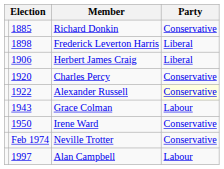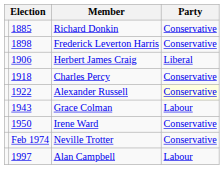 <table class="wikitable">
 <tr>
 <th colspan="2">Election</th>
 <th>Member</th>
 <th>Party</th>
 </tr>
 <tr>
 <td style="color:inherit;background-color: "></td>
 <td><a href='#'>1885</a></td>
 <td><a href='#'>Richard Donkin</a></td>
 <td><a href='#'>Conservative</a></td>
 </tr>
 <tr>
 <td style="color:inherit;background-color: "></td>
 <td><a href='#'>1898</a></td>
 <td><a href='#'>Frederick Leverton Harris</a></td>
-<td><a href='#'>Liberal</a></td>
+<td><a href='#'>Conservative</a></td>
 </tr>
 <tr>
 <td style="color:inherit;background-color: "></td>
 <td><a href='#'>1906</a></td>
 <td><a href='#'>Herbert James Craig</a></td>
 <td><a href='#'>Liberal</a></td>
 </tr>
 <tr>
 <td style="color:inherit;background-color: "></td>
-<td><a href='#'>1920</a></td>
+<td><a href='#'>1918</a></td>
 <td><a href='#'>Charles Percy</a></td>
 <td><a href='#'>Conservative</a></td>
 </tr>
 <tr>
 <td style="color:inherit;background-color: "></td>
 <td><a href='#'>1922</a></td>
 <td><a href='#'>Alexander Russell</a></td>
 <td style="background: lightyellow;"><a href='#'>Conservative</a></td>
 </tr>
 <tr>
 <td style="color:inherit;background-color: "></td>
 <td><a href='#'>1943</a></td>
 <td><a href='#'>Grace Colman</a></td>
 <td><a href='#'>Labour</a></td>
 </tr>
 <tr>
 <td style="color:inherit;background-color: "></td>
 <td><a href='#'>1950</a></td>
 <td><a href='#'>Irene Ward</a></td>
 <td><a href='#'>Conservative</a></td>
 </tr>
 <tr>
 <td style="color:inherit;background-color: "></td>
 <td><a href='#'>Feb 1974</a></td>
 <td><a href='#'>Neville Trotter</a></td>
 <td><a href='#'>Conservative</a></td>
 </tr>
 <tr>
 <td style="color:inherit;background-color: "></td>
 <td><a href='#'>1997</a></td>
 <td><a href='#'>Alan Campbell</a></td>
 <td><a href='#'>Labour</a></td>
 </tr>
 </table>
